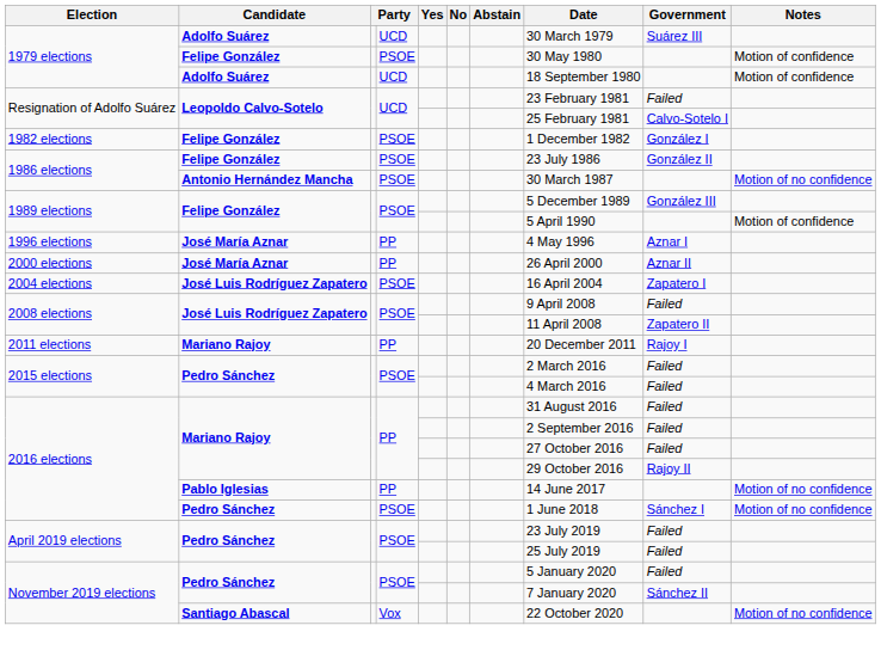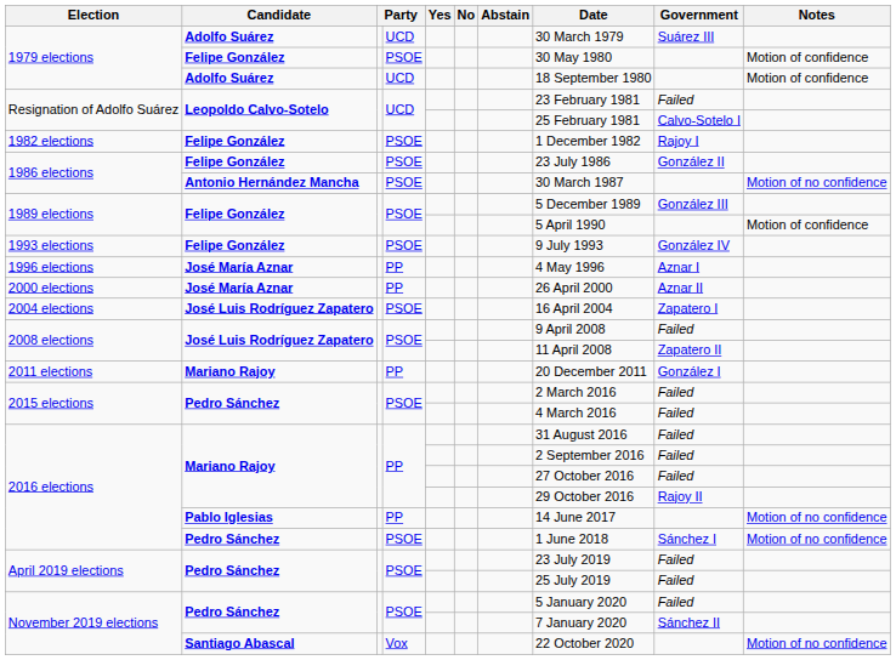 <table class="wikitable sortable">
 <tr>
 <th>Election</th>
 <th>Candidate</th>
 <th colspan="2">Party</th>
 <th>Yes</th>
 <th>No</th>
 <th>Abstain</th>
 <th>Date</th>
 <th>Government</th>
 <th>Notes</th>
 </tr>
 <tr>
 <td rowspan="3"><a href='#'>1979 elections</a></td>
 <td data-sort-value="Bru"><strong><a href='#'>Adolfo Suárez</a></strong></td>
 <td></td>
 <td scope="row" style="text-align: left;"><a href='#'>UCD</a></td>
 <td></td>
 <td></td>
 <td></td>
 <td>30 March 1979</td>
 <td data-sort-value="01.01"><a href='#'>Suárez III</a></td>
 <td></td>
 </tr>
 <tr>
 <td><strong><a href='#'>Felipe González</a></strong></td>
 <td></td>
 <td scope="row" style="text-align: left;"><a href='#'>PSOE</a></td>
 <td></td>
 <td></td>
 <td></td>
 <td>30 May 1980</td>
 <td></td>
 <td>Motion of confidence</td>
 </tr>
 <tr>
 <td><strong><a href='#'>Adolfo Suárez</a></strong></td>
 <td></td>
 <td scope="row" style="text-align: left;"><a href='#'>UCD</a></td>
 <td></td>
 <td></td>
 <td></td>
 <td>18 September 1980</td>
 <td></td>
 <td>Motion of confidence</td>
 </tr>
 <tr>
 <td rowspan="2">Resignation of Adolfo Suárez</td>
 <td rowspan="2"><strong><a href='#'>Leopoldo Calvo-Sotelo</a></strong></td>
 <td rowspan="2"></td>
 <td rowspan="2" scope="row" style="text-align: left;"><a href='#'>UCD</a></td>
 <td></td>
 <td></td>
 <td></td>
 <td>23 February 1981</td>
 <td><em>Failed</em></td>
 <td></td>
 </tr>
 <tr>
 <td></td>
 <td></td>
 <td></td>
 <td>25 February 1981</td>
 <td><a href='#'>Calvo-Sotelo I</a></td>
 <td></td>
 </tr>
 <tr>
 <td><a href='#'>1982 elections</a></td>
 <td data-sort-value="deV"><strong><a href='#'>Felipe González</a></strong></td>
 <td></td>
 <td scope="row" style="text-align: left;"><a href='#'>PSOE</a></td>
 <td></td>
 <td></td>
 <td></td>
 <td>1 December 1982</td>
-<td data-sort-value="01.02"><a href='#'>González I</a></td>
+<td data-sort-value="02.07"><a href='#'>Rajoy I</a></td>
 <td></td>
 </tr>
 <tr>
 <td rowspan="2"><a href='#'>1986 elections</a></td>
 <td data-sort-value="deV"><strong><a href='#'>Felipe González</a></strong></td>
 <td></td>
 <td scope="row" style="text-align: left;"><a href='#'>PSOE</a></td>
 <td></td>
 <td></td>
 <td></td>
 <td>23 July 1986</td>
 <td data-sort-value="01.03"><a href='#'>González II</a></td>
 <td></td>
 </tr>
 <tr>
 <td data-sort-value="deV"><strong><a href='#'>Antonio Hernández Mancha</a></strong></td>
 <td></td>
 <td><a href='#'>PSOE</a></td>
 <td></td>
 <td></td>
 <td></td>
 <td>30 March 1987</td>
 <td></td>
 <td><a href='#'>Motion of no confidence</a></td>
 </tr>
 <tr>
 <td rowspan="2"><a href='#'>1989 elections</a></td>
 <td rowspan="2" data-sort-value="Gri"><strong><a href='#'>Felipe González</a></strong></td>
 <td rowspan="2"></td>
 <td rowspan="2" scope="row" style="text-align: left;"><a href='#'>PSOE</a></td>
 <td></td>
 <td></td>
 <td></td>
 <td>5 December 1989</td>
 <td data-sort-value="01.04"><a href='#'>González III</a></td>
 <td></td>
 </tr>
 <tr>
 <td></td>
 <td></td>
 <td></td>
 <td>5 April 1990</td>
 <td data-sort-value="01.05"></td>
 <td>Motion of confidence</td>
+</tr>
+<tr>
+<td><a href='#'>1993 elections</a></td>
+<td data-sort-value="Cosg W"><strong><a href='#'>Felipe González</a></strong></td>
+<td></td>
+<td scope="row" style="text-align: left;"><a href='#'>PSOE</a></td>
+<td></td>
+<td></td>
+<td></td>
+<td>9 July 1993</td>
+<td data-sort-value="02.01"><a href='#'>González IV</a></td>
+<td></td>
 </tr>
 <tr>
 <td><a href='#'>1996 elections</a></td>
 <td data-sort-value="Cosg W"><strong><a href='#'>José María Aznar</a></strong></td>
 <td></td>
 <td scope="row" style="text-align: left;"><a href='#'>PP</a></td>
 <td></td>
 <td></td>
 <td></td>
 <td>4 May 1996</td>
 <td data-sort-value="02.02"><a href='#'>Aznar I</a></td>
 <td></td>
 </tr>
 <tr>
 <td data-sort-value="1927.1"><a href='#'>2000 elections</a></td>
 <td data-sort-value="Cosg W"><strong><a href='#'>José María Aznar</a></strong></td>
 <td></td>
 <td scope="row" style="text-align: left;"><a href='#'>PP</a></td>
 <td></td>
 <td></td>
 <td></td>
 <td>26 April 2000</td>
 <td data-sort-value="02.03"><a href='#'>Aznar II</a></td>
 <td></td>
 </tr>
 <tr>
 <td data-sort-value="1927.2"><a href='#'>2004 elections</a></td>
 <td data-sort-value="Cosg W"><strong><a href='#'>José Luis Rodríguez Zapatero</a></strong></td>
 <td></td>
 <td scope="row" style="text-align: left;"><a href='#'>PSOE</a></td>
 <td></td>
 <td></td>
 <td></td>
 <td>16 April 2004</td>
 <td data-sort-value="02.04"><a href='#'>Zapatero I</a></td>
 <td></td>
 </tr>
 <tr>
 <td rowspan="2"><a href='#'>2008 elections</a></td>
 <td rowspan="2" data-sort-value="deV"><strong><a href='#'>José Luis Rodríguez Zapatero</a></strong></td>
 <td rowspan="2"></td>
 <td rowspan="2" scope="row" style="text-align: left;"><a href='#'>PSOE</a></td>
 <td></td>
 <td></td>
 <td></td>
 <td>9 April 2008</td>
 <td data-sort-value="02.06"><em>Failed</em></td>
 <td></td>
 </tr>
 <tr>
 <td></td>
 <td></td>
 <td></td>
 <td>11 April 2008</td>
 <td><a href='#'>Zapatero II</a></td>
 <td></td>
 </tr>
 <tr>
 <td><a href='#'>2011 elections</a></td>
 <td data-sort-value="deV"><strong><a href='#'>Mariano Rajoy</a></strong></td>
 <td></td>
 <td scope="row" style="text-align: left;"><a href='#'>PP</a></td>
 <td></td>
 <td></td>
 <td></td>
 <td>20 December 2011</td>
-<td data-sort-value="02.07"><a href='#'>Rajoy I</a></td>
+<td data-sort-value="01.02"><a href='#'>González I</a></td>
 <td></td>
 </tr>
 <tr>
 <td rowspan="2"><a href='#'>2015 elections</a></td>
 <td rowspan="2" data-sort-value="deV"><strong><a href='#'>Pedro Sánchez</a></strong></td>
 <td rowspan="2"></td>
 <td rowspan="2" scope="row" style="text-align: left;"><a href='#'>PSOE</a></td>
 <td></td>
 <td></td>
 <td></td>
 <td>2 March 2016</td>
 <td data-sort-value="02.08"><em>Failed</em></td>
 <td></td>
 </tr>
 <tr>
 <td></td>
 <td></td>
 <td></td>
 <td>4 March 2016</td>
 <td data-sort-value="03.02"><em>Failed</em></td>
 <td></td>
 </tr>
 <tr>
 <td rowspan="6"><a href='#'>2016 elections</a></td>
 <td rowspan="4" data-sort-value="deV"><strong><a href='#'>Mariano Rajoy</a></strong></td>
 <td rowspan="4"></td>
 <td rowspan="4" scope="row" style="text-align: left;"><a href='#'>PP</a></td>
 <td></td>
 <td></td>
 <td></td>
 <td>31 August 2016</td>
 <td data-sort-value="03.03"><em>Failed</em></td>
 <td></td>
 </tr>
 <tr>
 <td></td>
 <td></td>
 <td></td>
 <td>2 September 2016</td>
 <td><em>Failed</em></td>
 <td></td>
 </tr>
 <tr>
 <td></td>
 <td></td>
 <td></td>
 <td>27 October 2016</td>
 <td><em>Failed</em></td>
 <td></td>
 </tr>
 <tr>
 <td></td>
 <td></td>
 <td></td>
 <td>29 October 2016</td>
 <td><a href='#'>Rajoy II</a></td>
 <td></td>
 </tr>
 <tr>
 <td><strong><a href='#'>Pablo Iglesias</a></strong></td>
 <td></td>
 <td scope="row" style="text-align: left;"><a href='#'>PP</a></td>
 <td></td>
 <td></td>
 <td></td>
 <td>14 June 2017</td>
 <td></td>
 <td><a href='#'>Motion of no confidence</a></td>
 </tr>
 <tr>
 <td><strong><a href='#'>Pedro Sánchez</a></strong></td>
 <td></td>
 <td><a href='#'>PSOE</a></td>
 <td></td>
 <td></td>
 <td></td>
 <td>1 June 2018</td>
 <td><a href='#'>Sánchez I</a></td>
 <td><a href='#'>Motion of no confidence</a></td>
 </tr>
 <tr>
 <td rowspan="2"><a href='#'>April 2019 elections</a></td>
 <td rowspan="2" data-sort-value="deV"><strong><a href='#'>Pedro Sánchez</a></strong></td>
 <td rowspan="2"></td>
 <td rowspan="2" scope="row" style="text-align: left;"><a href='#'>PSOE</a></td>
 <td></td>
 <td></td>
 <td></td>
 <td>23 July 2019</td>
 <td data-sort-value="03.04"><em>Failed</em></td>
 <td></td>
 </tr>
 <tr>
 <td></td>
 <td></td>
 <td></td>
 <td>25 July 2019</td>
 <td data-sort-value="03.08"><em>Failed</em></td>
 <td></td>
 </tr>
 <tr>
 <td rowspan="3"><a href='#'>November 2019 elections</a></td>
 <td rowspan="2" data-sort-value="Lem"><strong><a href='#'>Pedro Sánchez</a></strong></td>
 <td rowspan="2"></td>
 <td rowspan="2" scope="row" style="text-align: left;"><a href='#'>PSOE</a></td>
 <td></td>
 <td></td>
 <td></td>
 <td>5 January 2020</td>
 <td data-sort-value="03.09"><em>Failed</em></td>
 <td></td>
 </tr>
 <tr>
 <td></td>
 <td></td>
 <td></td>
 <td>7 January 2020</td>
 <td data-sort-value="03.15"><a href='#'>Sánchez II</a></td>
 <td></td>
 </tr>
 <tr>
 <td data-sort-value="Hau"><strong><a href='#'>Santiago Abascal</a></strong></td>
 <td></td>
 <td scope="row" style="text-align: left;"><a href='#'>Vox</a></td>
 <td></td>
 <td></td>
 <td></td>
 <td>22 October 2020</td>
 <td data-sort-value="03.16"></td>
 <td><a href='#'>Motion of no confidence</a></td>
 </tr>
 </table>
